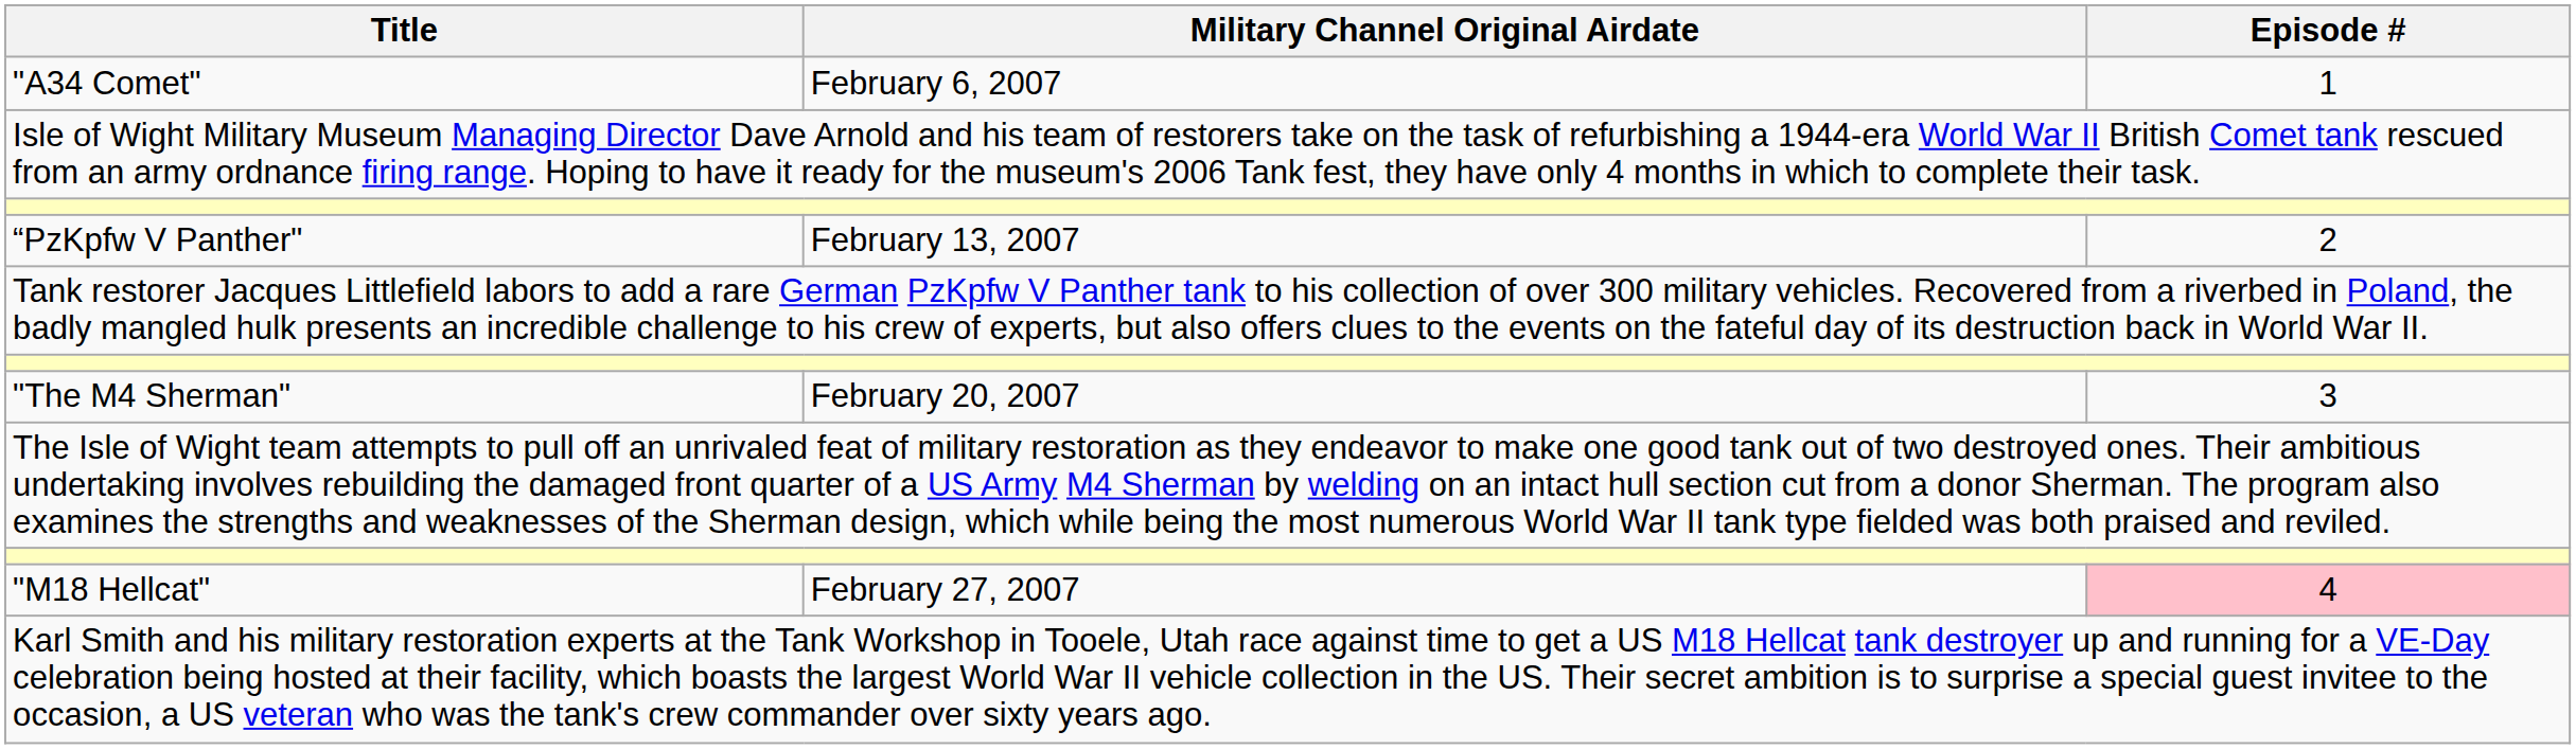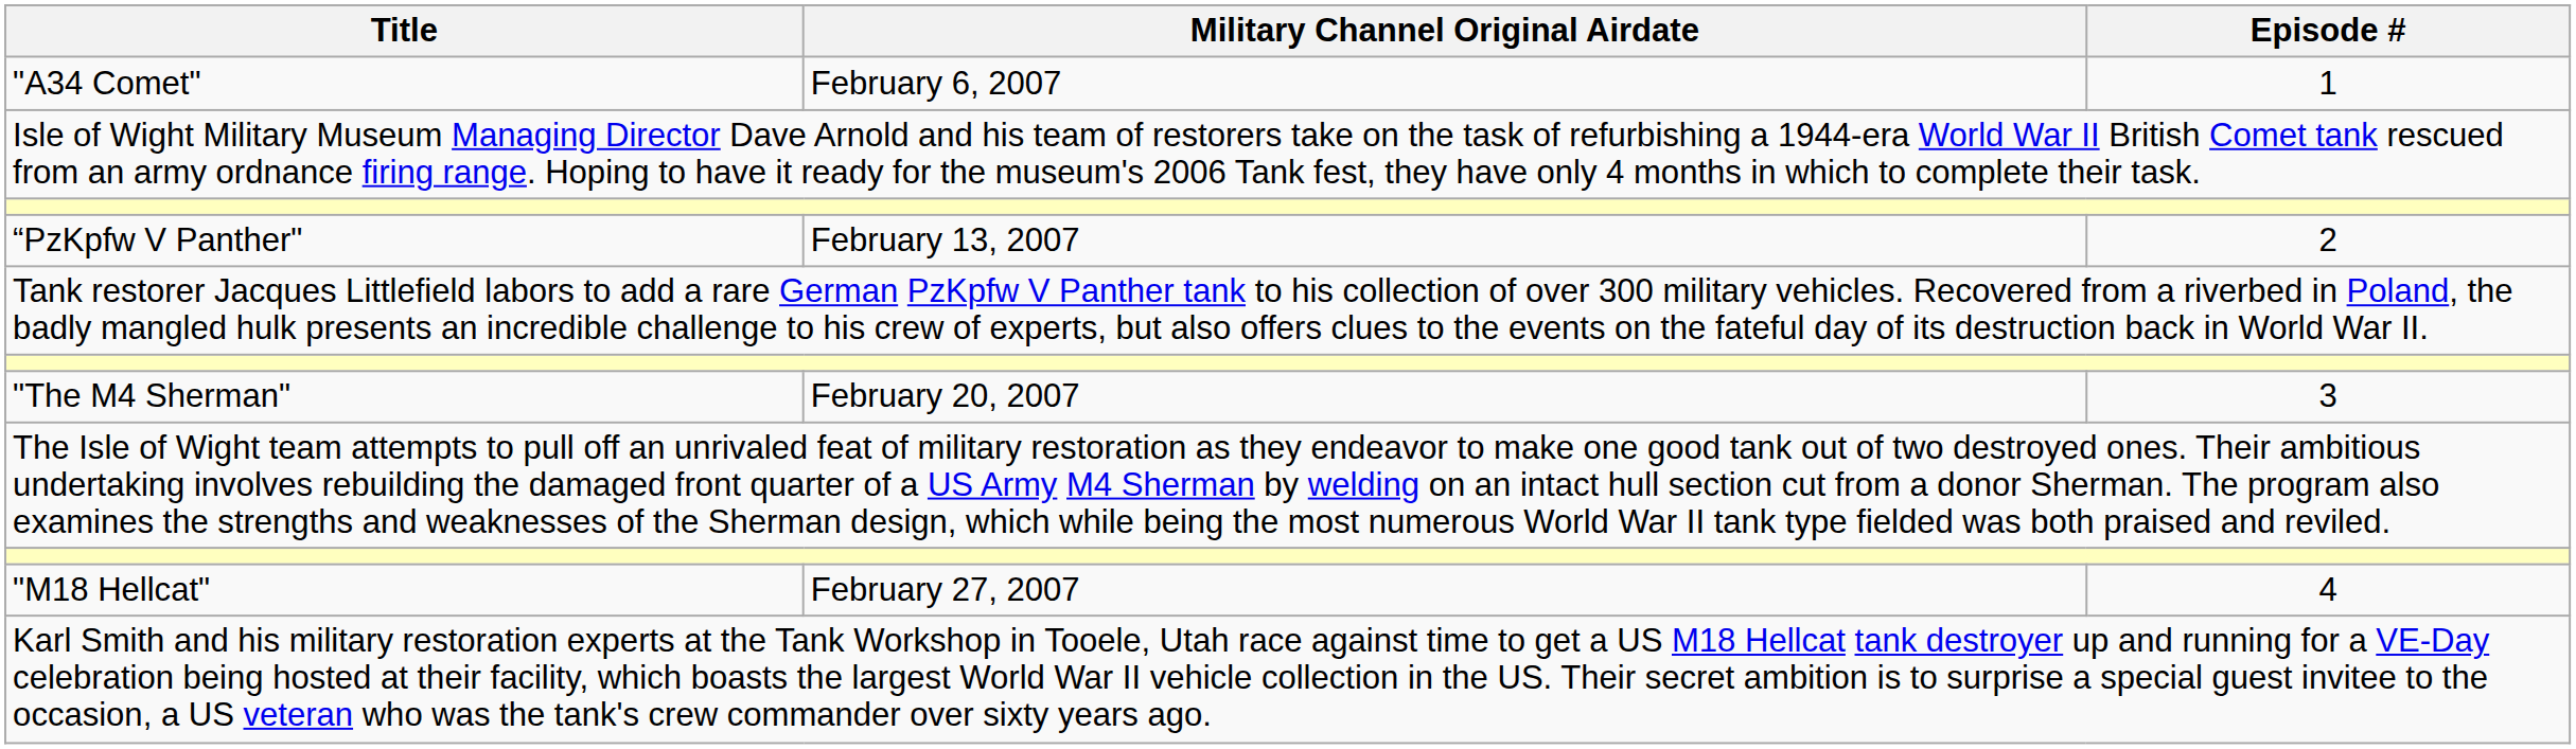 <table class="wikitable">
 <tr>
 <th>Title</th>
 <th>Military Channel Original Airdate</th>
 <th>Episode #</th>
 </tr>
 <tr>
 <td>"A34 Comet"</td>
 <td>February 6, 2007</td>
 <td align="center">1</td>
 </tr>
 <tr>
 <td colspan="3">Isle of Wight Military Museum <a href='#'>Managing Director</a> Dave Arnold and his team of restorers take on the task of refurbishing a 1944-era <a href='#'>World War II</a> British <a href='#'>Comet tank</a> rescued from an army ordnance <a href='#'>firing range</a>. Hoping to have it ready for the museum's 2006 Tank fest, they have only 4 months in which to complete their task.</td>
 </tr>
 <tr>
 <td colspan="3" bgcolor="#FFFFBF"></td>
 </tr>
 <tr>
 <td>“PzKpfw V Panther"</td>
 <td>February 13, 2007</td>
 <td align="center">2</td>
 </tr>
 <tr>
 <td colspan="3">Tank restorer Jacques Littlefield labors to add a rare <a href='#'>German</a> <a href='#'>PzKpfw V Panther tank</a> to his collection of over 300 military vehicles. Recovered from a riverbed in <a href='#'>Poland</a>, the badly mangled hulk presents an incredible challenge to his crew of experts, but also offers clues to the events on the fateful day of its destruction back in World War II.</td>
 </tr>
 <tr>
 <td colspan="3" bgcolor="#FFFFBF"></td>
 </tr>
 <tr>
 <td>"The M4 Sherman"</td>
 <td>February 20, 2007</td>
 <td align="center">3</td>
 </tr>
 <tr>
 <td colspan="3">The Isle of Wight team attempts to pull off an unrivaled feat of military restoration as they endeavor to make one good tank out of two destroyed ones. Their ambitious undertaking involves rebuilding the damaged front quarter of a <a href='#'>US Army</a> <a href='#'>M4 Sherman</a> by <a href='#'>welding</a> on an intact hull section cut from a donor Sherman. The program also examines the strengths and weaknesses of the Sherman design, which while being the most numerous World War II tank type fielded was both praised and reviled.</td>
 </tr>
 <tr>
 <td colspan="3" bgcolor="#FFFFBF"></td>
 </tr>
 <tr>
 <td>"M18 Hellcat"</td>
 <td>February 27, 2007</td>
-<td align="center" style="background: pink;">4</td>
+<td align="center">4</td>
 </tr>
 <tr>
 <td colspan="3">Karl Smith and his military restoration experts at the Tank Workshop in Tooele, Utah race against time to get a US <a href='#'>M18 Hellcat</a> <a href='#'>tank destroyer</a> up and running for a <a href='#'>VE-Day</a> celebration being hosted at their facility, which boasts the largest World War II vehicle collection in the US. Their secret ambition is to surprise a special guest invitee to the occasion, a US <a href='#'>veteran</a> who was the tank's crew commander over sixty years ago.</td>
 </tr>
 </table>
